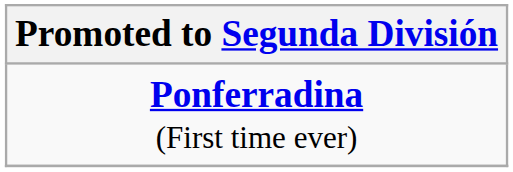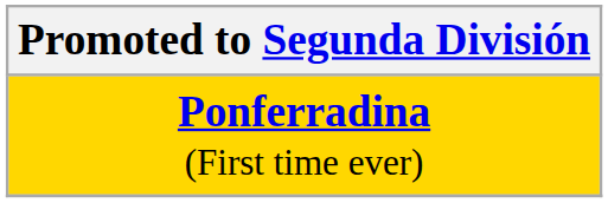 <table class="wikitable" style="text-align: center; margin: 0 auto;">
 <tr>
 <th colspan="2">Promoted to <a href='#'>Segunda División</a></th>
 </tr>
 <tr>
-<td><strong><a href='#'>Ponferradina</a></strong><br><small>(First time ever)</small></td>
+<td style="background: gold;"><strong><a href='#'>Ponferradina</a></strong><br><small>(First time ever)</small></td>
 </tr>
 <tr>
 </tr>
 </table>
